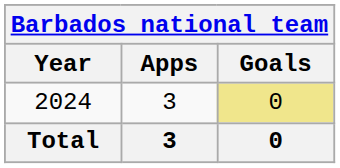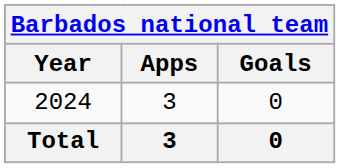 <table class="wikitable" style="text-align:center">
 <tr>
 <th colspan=3><a href='#'>Barbados national team</a></th>
 </tr>
 <tr>
 <th>Year</th>
 <th>Apps</th>
 <th>Goals</th>
 </tr>
 <tr>
 <td>2024</td>
 <td>3</td>
-<td style="background: khaki;">0</td>
+<td>0</td>
 </tr>
 <tr>
 <th>Total</th>
 <th>3</th>
 <th>0</th>
 </tr>
 </table>
